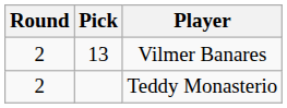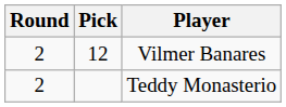 <table class="wikitable sortable sortable">
 <tr>
 <th>Round</th>
 <th>Pick</th>
 <th>Player</th>
 </tr>
 <tr style="text-align: center">
 <td>2</td>
-<td>13</td>
+<td>12</td>
 <td>Vilmer Banares</td>
 </tr>
 <tr style="text-align: center">
 <td>2</td>
 <td></td>
 <td>Teddy Monasterio</td>
 </tr>
 </table>
